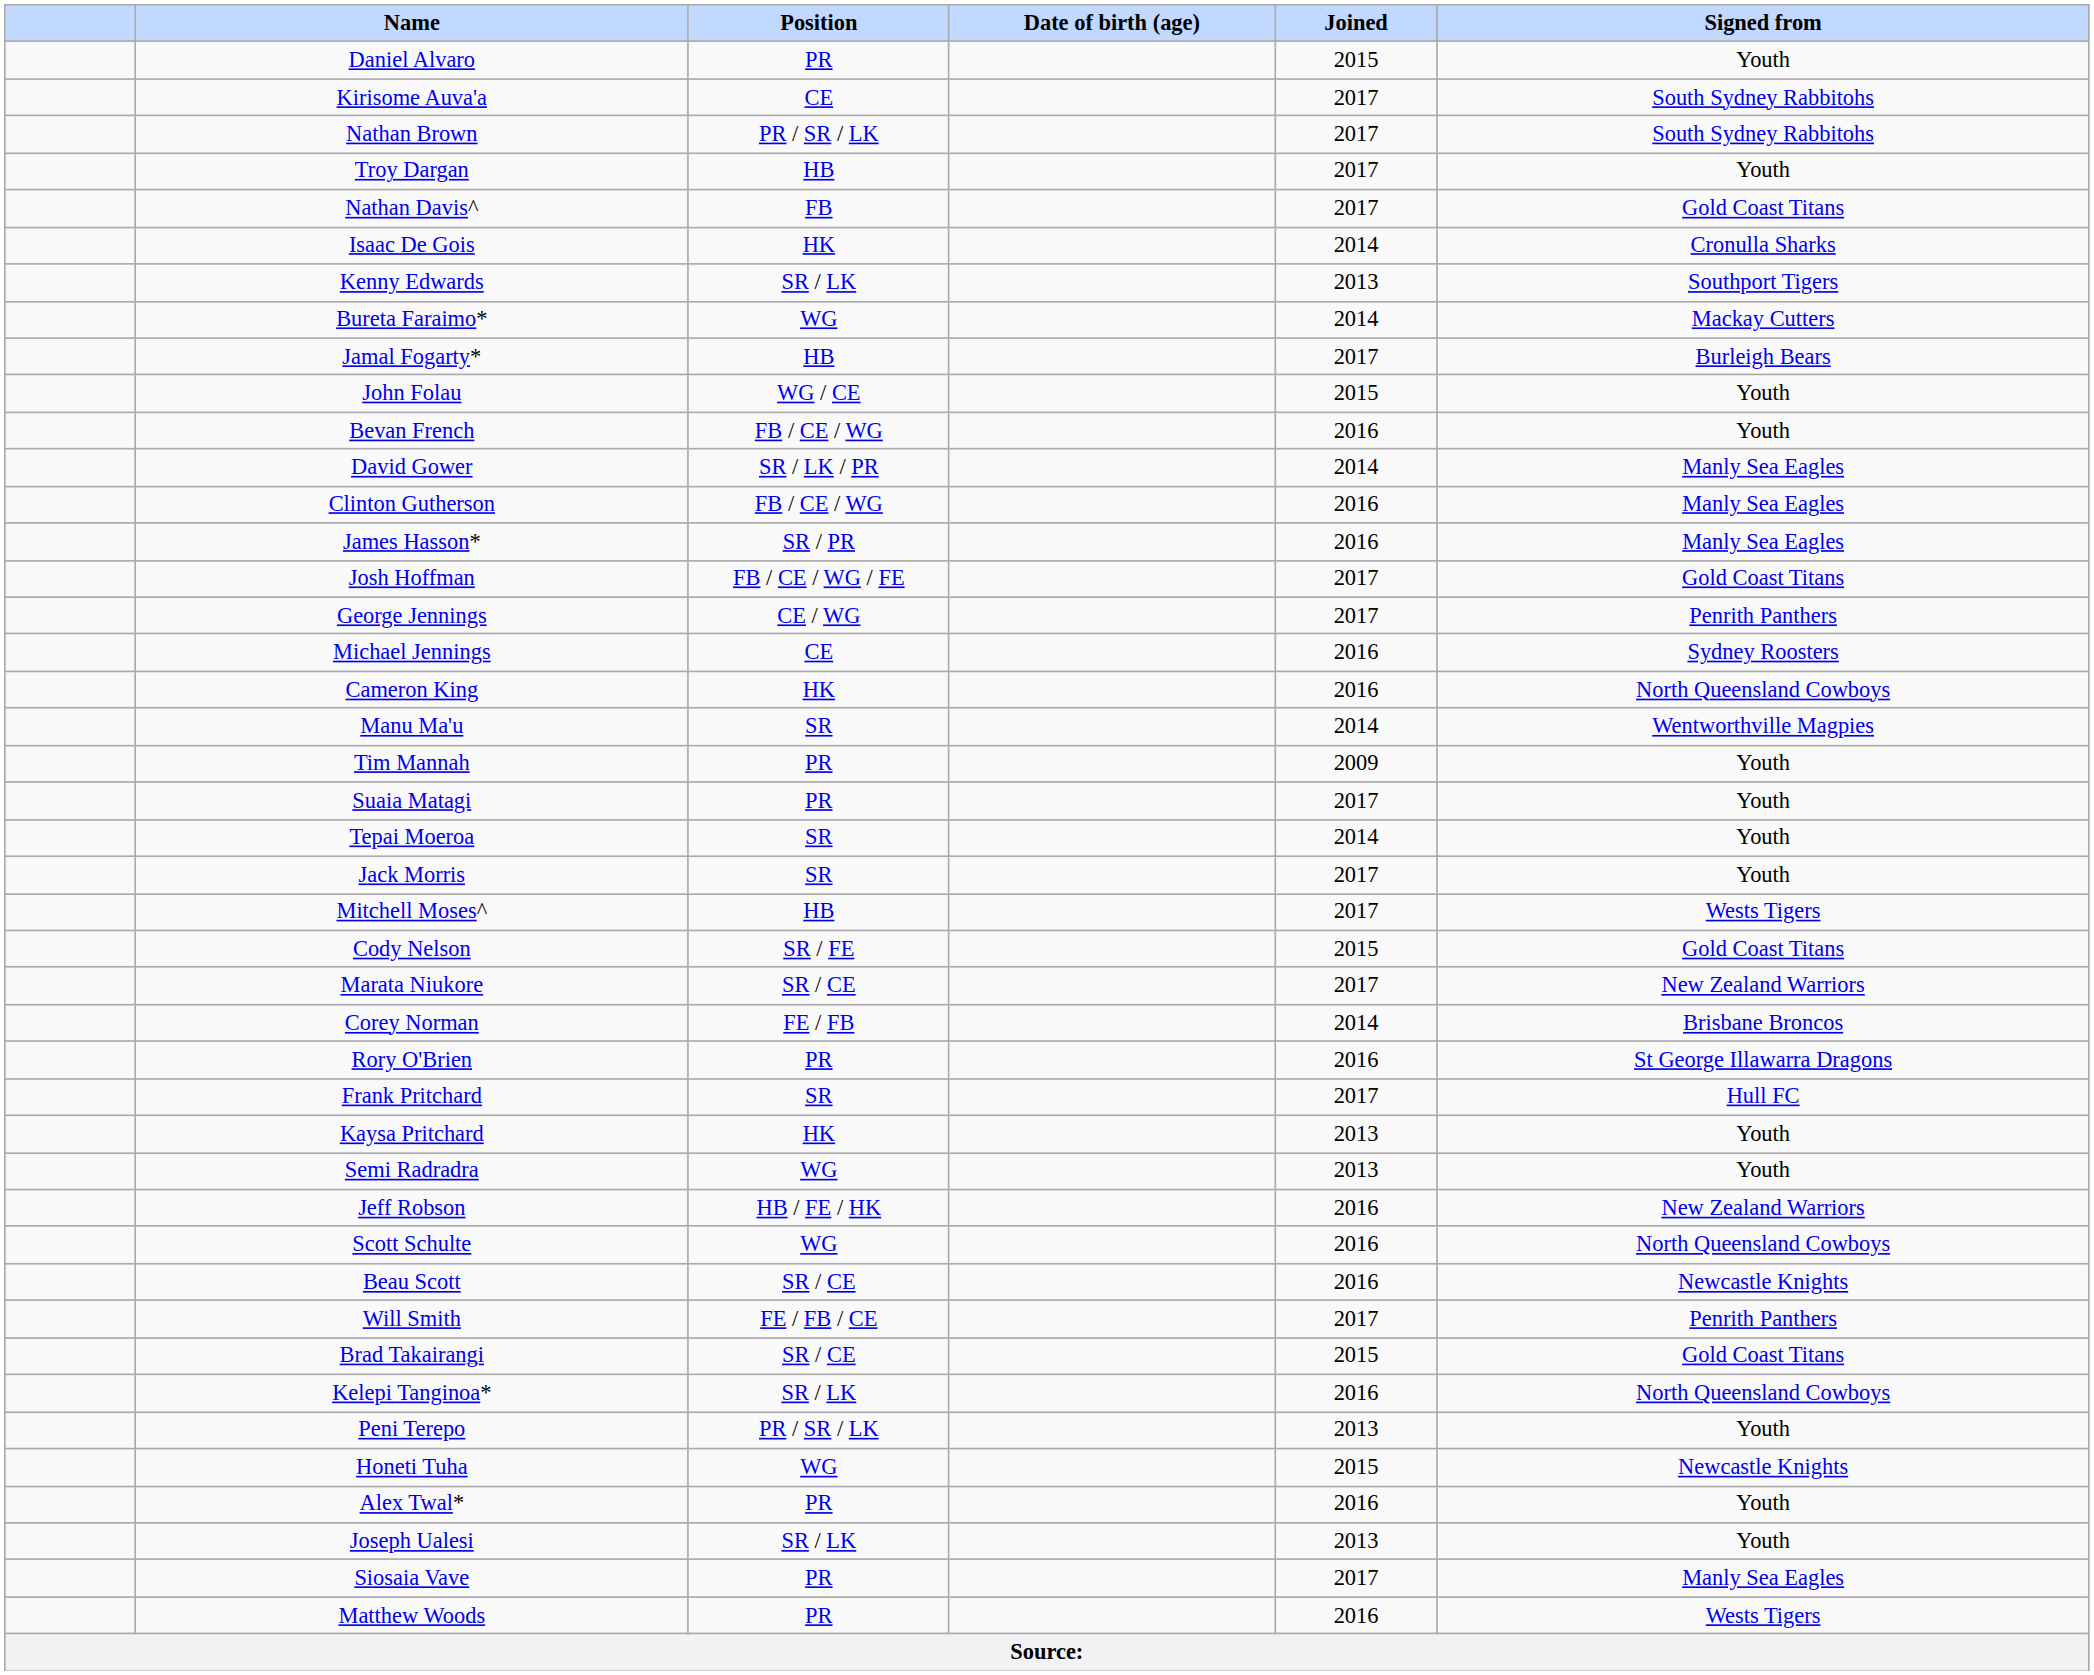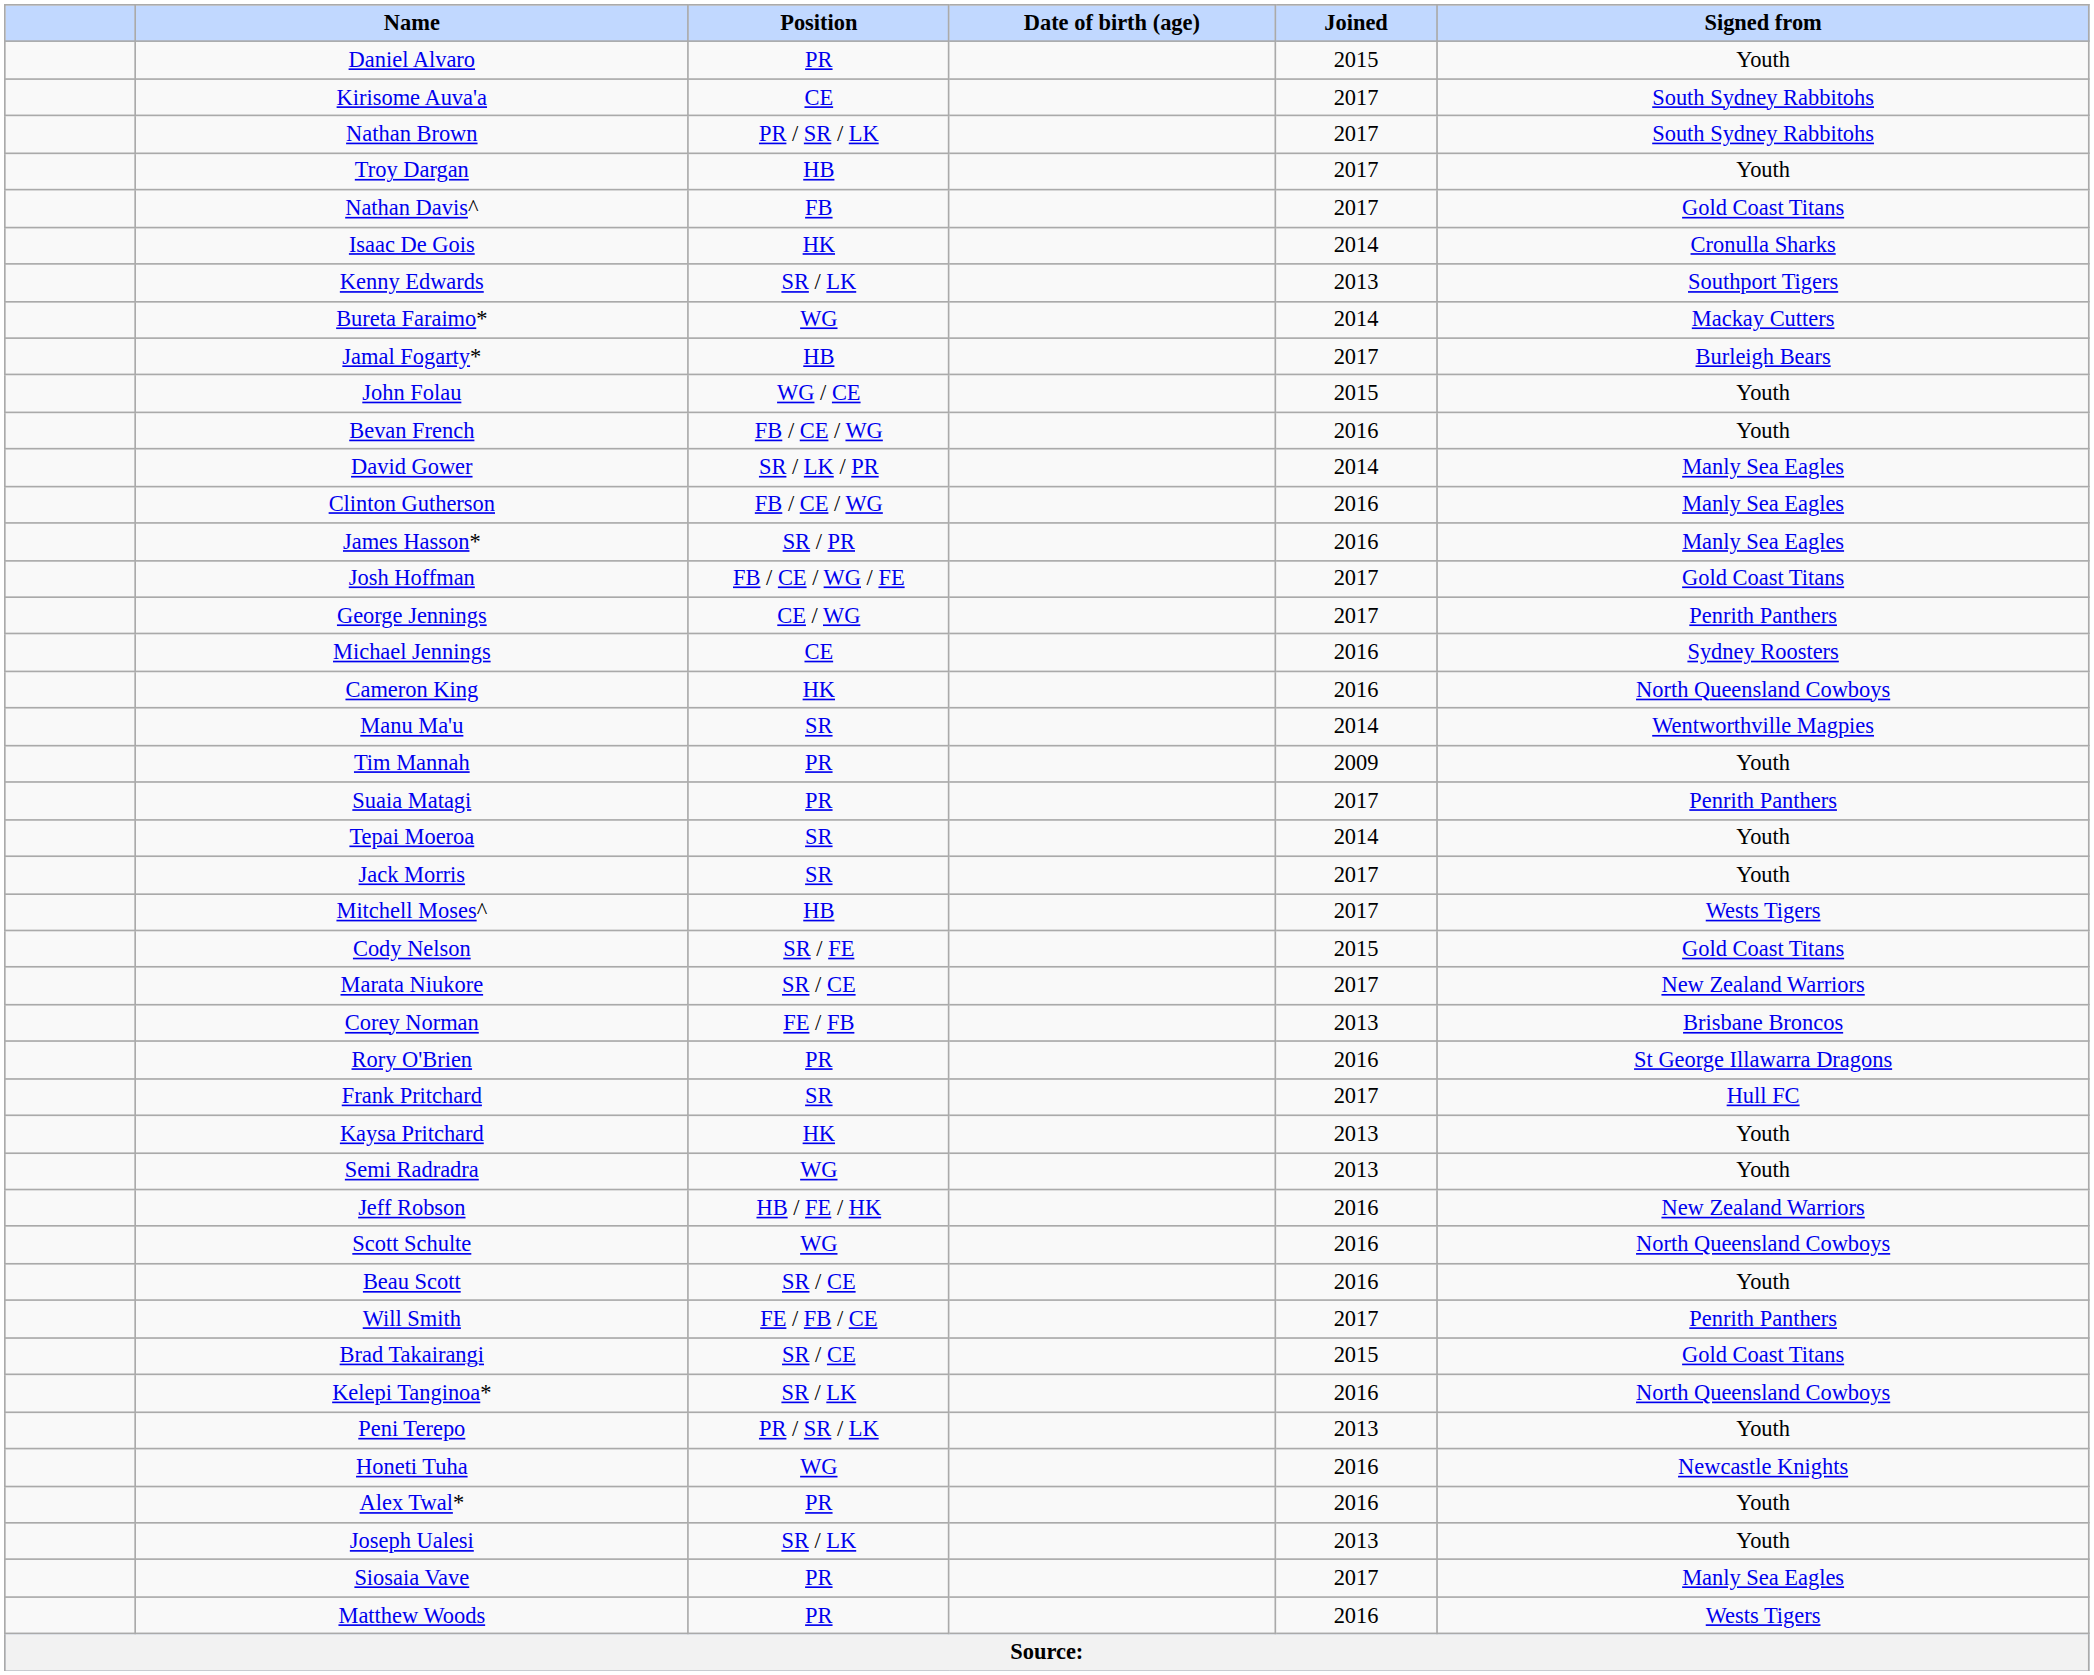 <table class="wikitable" style="text-align:center;font-size:85%;width:100%">
 <tr>
 <th style="background:#c1d8ff; text-align:center; width:4%;"></th>
 <th style="background:#c1d8ff; text-align:center; width:17%;">Name</th>
 <th style="background:#c1d8ff; text-align:center; width:8%;">Position</th>
 <th style="background:#c1d8ff; text-align:center; width:10%;">Date of birth (age)</th>
 <th style="background:#c1d8ff; text-align:center; width:5%;">Joined</th>
 <th style="background:#c1d8ff; text-align:center; width:20%;">Signed from</th>
 </tr>
 <tr>
 <td></td>
 <td><a href='#'>Daniel Alvaro</a></td>
 <td><a href='#'>PR</a></td>
 <td></td>
 <td>2015</td>
 <td>Youth</td>
 </tr>
 <tr>
 <td></td>
 <td><a href='#'>Kirisome Auva'a</a></td>
 <td><a href='#'>CE</a></td>
 <td></td>
 <td>2017</td>
 <td> <a href='#'>South Sydney Rabbitohs</a></td>
 </tr>
 <tr>
 <td></td>
 <td><a href='#'>Nathan Brown</a></td>
 <td><a href='#'>PR</a> / <a href='#'>SR</a> / <a href='#'>LK</a></td>
 <td></td>
 <td>2017</td>
 <td> <a href='#'>South Sydney Rabbitohs</a></td>
 </tr>
 <tr>
 <td></td>
 <td><a href='#'>Troy Dargan</a></td>
 <td><a href='#'>HB</a></td>
 <td></td>
 <td>2017</td>
 <td>Youth</td>
 </tr>
 <tr>
 <td></td>
 <td><a href='#'>Nathan Davis</a>^</td>
 <td><a href='#'>FB</a></td>
 <td></td>
 <td>2017</td>
 <td> <a href='#'>Gold Coast Titans</a></td>
 </tr>
 <tr>
 <td></td>
 <td><a href='#'>Isaac De Gois</a></td>
 <td><a href='#'>HK</a></td>
 <td></td>
 <td>2014</td>
 <td> <a href='#'>Cronulla Sharks</a></td>
 </tr>
 <tr>
 <td></td>
 <td><a href='#'>Kenny Edwards</a></td>
 <td><a href='#'>SR</a> / <a href='#'>LK</a></td>
 <td></td>
 <td>2013</td>
 <td><a href='#'>Southport Tigers</a></td>
 </tr>
 <tr>
 <td></td>
 <td><a href='#'>Bureta Faraimo</a>*</td>
 <td><a href='#'>WG</a></td>
 <td></td>
 <td>2014</td>
 <td> <a href='#'>Mackay Cutters</a></td>
 </tr>
 <tr>
 <td></td>
 <td><a href='#'>Jamal Fogarty</a>*</td>
 <td><a href='#'>HB</a></td>
 <td></td>
 <td>2017</td>
 <td> <a href='#'>Burleigh Bears</a></td>
 </tr>
 <tr>
 <td></td>
 <td><a href='#'>John Folau</a></td>
 <td><a href='#'>WG</a> / <a href='#'>CE</a></td>
 <td></td>
 <td>2015</td>
 <td>Youth</td>
 </tr>
 <tr>
 <td></td>
 <td><a href='#'>Bevan French</a></td>
 <td><a href='#'>FB</a> / <a href='#'>CE</a> / <a href='#'>WG</a></td>
 <td></td>
 <td>2016</td>
 <td>Youth</td>
 </tr>
 <tr>
 <td></td>
 <td><a href='#'>David Gower</a></td>
 <td><a href='#'>SR</a> / <a href='#'>LK</a> / <a href='#'>PR</a></td>
 <td></td>
 <td>2014</td>
 <td> <a href='#'>Manly Sea Eagles</a></td>
 </tr>
 <tr>
 <td></td>
 <td><a href='#'>Clinton Gutherson</a></td>
 <td><a href='#'>FB</a> / <a href='#'>CE</a> / <a href='#'>WG</a></td>
 <td></td>
 <td>2016</td>
 <td> <a href='#'>Manly Sea Eagles</a></td>
 </tr>
 <tr>
 <td></td>
 <td><a href='#'>James Hasson</a>*</td>
 <td><a href='#'>SR</a> / <a href='#'>PR</a></td>
 <td></td>
 <td>2016</td>
 <td> <a href='#'>Manly Sea Eagles</a></td>
 </tr>
 <tr>
 <td></td>
 <td><a href='#'>Josh Hoffman</a></td>
 <td><a href='#'>FB</a> / <a href='#'>CE</a> / <a href='#'>WG</a> / <a href='#'>FE</a></td>
 <td></td>
 <td>2017</td>
 <td> <a href='#'>Gold Coast Titans</a></td>
 </tr>
 <tr>
 <td></td>
 <td><a href='#'>George Jennings</a></td>
 <td><a href='#'>CE</a> / <a href='#'>WG</a></td>
 <td></td>
 <td>2017</td>
 <td> <a href='#'>Penrith Panthers</a></td>
 </tr>
 <tr>
 <td></td>
 <td><a href='#'>Michael Jennings</a></td>
 <td><a href='#'>CE</a></td>
 <td></td>
 <td>2016</td>
 <td> <a href='#'>Sydney Roosters</a></td>
 </tr>
 <tr>
 <td></td>
 <td><a href='#'>Cameron King</a></td>
 <td><a href='#'>HK</a></td>
 <td></td>
 <td>2016</td>
 <td> <a href='#'>North Queensland Cowboys</a></td>
 </tr>
 <tr>
 <td></td>
 <td><a href='#'>Manu Ma'u</a></td>
 <td><a href='#'>SR</a></td>
 <td></td>
 <td>2014</td>
 <td><a href='#'>Wentworthville Magpies</a></td>
 </tr>
 <tr>
 <td></td>
 <td><a href='#'>Tim Mannah</a></td>
 <td><a href='#'>PR</a></td>
 <td></td>
 <td>2009</td>
 <td>Youth</td>
 </tr>
 <tr>
 <td></td>
 <td><a href='#'>Suaia Matagi</a></td>
 <td><a href='#'>PR</a></td>
 <td></td>
 <td>2017</td>
-<td>Youth</td>
+<td> <a href='#'>Penrith Panthers</a></td>
 </tr>
 <tr>
 <td></td>
 <td><a href='#'>Tepai Moeroa</a></td>
 <td><a href='#'>SR</a></td>
 <td></td>
 <td>2014</td>
 <td>Youth</td>
 </tr>
 <tr>
 <td></td>
 <td><a href='#'>Jack Morris</a></td>
 <td><a href='#'>SR</a></td>
 <td></td>
 <td>2017</td>
 <td>Youth</td>
 </tr>
 <tr>
 <td></td>
 <td><a href='#'>Mitchell Moses</a>^</td>
 <td><a href='#'>HB</a></td>
 <td></td>
 <td>2017</td>
 <td> <a href='#'>Wests Tigers</a></td>
 </tr>
 <tr>
 <td></td>
 <td><a href='#'>Cody Nelson</a></td>
 <td><a href='#'>SR</a> / <a href='#'>FE</a></td>
 <td></td>
 <td>2015</td>
 <td> <a href='#'>Gold Coast Titans</a></td>
 </tr>
 <tr>
 <td></td>
 <td><a href='#'>Marata Niukore</a></td>
 <td><a href='#'>SR</a> / <a href='#'>CE</a></td>
 <td></td>
 <td>2017</td>
 <td> <a href='#'>New Zealand Warriors</a></td>
 </tr>
 <tr>
 <td></td>
 <td><a href='#'>Corey Norman</a></td>
 <td><a href='#'>FE</a> / <a href='#'>FB</a></td>
 <td></td>
-<td>2014</td>
+<td>2013</td>
 <td> <a href='#'>Brisbane Broncos</a></td>
 </tr>
 <tr>
 <td></td>
 <td><a href='#'>Rory O'Brien</a></td>
 <td><a href='#'>PR</a></td>
 <td></td>
 <td>2016</td>
 <td> <a href='#'>St George Illawarra Dragons</a></td>
 </tr>
 <tr>
 <td></td>
 <td><a href='#'>Frank Pritchard</a></td>
 <td><a href='#'>SR</a></td>
 <td></td>
 <td>2017</td>
 <td> <a href='#'>Hull FC</a></td>
 </tr>
 <tr>
 <td></td>
 <td><a href='#'>Kaysa Pritchard</a></td>
 <td><a href='#'>HK</a></td>
 <td></td>
 <td>2013</td>
 <td>Youth</td>
 </tr>
 <tr>
 <td></td>
 <td><a href='#'>Semi Radradra</a></td>
 <td><a href='#'>WG</a></td>
 <td></td>
 <td>2013</td>
 <td>Youth</td>
 </tr>
 <tr>
 <td></td>
 <td><a href='#'>Jeff Robson</a></td>
 <td><a href='#'>HB</a> / <a href='#'>FE</a> / <a href='#'>HK</a></td>
 <td></td>
 <td>2016</td>
 <td> <a href='#'>New Zealand Warriors</a></td>
 </tr>
 <tr>
 <td></td>
 <td><a href='#'>Scott Schulte</a></td>
 <td><a href='#'>WG</a></td>
 <td></td>
 <td>2016</td>
 <td> <a href='#'>North Queensland Cowboys</a></td>
 </tr>
 <tr>
 <td></td>
 <td><a href='#'>Beau Scott</a></td>
 <td><a href='#'>SR</a> / <a href='#'>CE</a></td>
 <td></td>
 <td>2016</td>
-<td> <a href='#'>Newcastle Knights</a></td>
+<td>Youth</td>
 </tr>
 <tr>
 <td></td>
 <td><a href='#'>Will Smith</a></td>
 <td><a href='#'>FE</a> / <a href='#'>FB</a> / <a href='#'>CE</a></td>
 <td></td>
 <td>2017</td>
 <td> <a href='#'>Penrith Panthers</a></td>
 </tr>
 <tr>
 <td></td>
 <td><a href='#'>Brad Takairangi</a></td>
 <td><a href='#'>SR</a> / <a href='#'>CE</a></td>
 <td></td>
 <td>2015</td>
 <td> <a href='#'>Gold Coast Titans</a></td>
 </tr>
 <tr>
 <td></td>
 <td><a href='#'>Kelepi Tanginoa</a>*</td>
 <td><a href='#'>SR</a> / <a href='#'>LK</a></td>
 <td></td>
 <td>2016</td>
 <td> <a href='#'>North Queensland Cowboys</a></td>
 </tr>
 <tr>
 <td></td>
 <td><a href='#'>Peni Terepo</a></td>
 <td><a href='#'>PR</a> / <a href='#'>SR</a> / <a href='#'>LK</a></td>
 <td></td>
 <td>2013</td>
 <td>Youth</td>
 </tr>
 <tr>
 <td></td>
 <td><a href='#'>Honeti Tuha</a></td>
 <td><a href='#'>WG</a></td>
 <td></td>
-<td>2015</td>
+<td>2016</td>
 <td> <a href='#'>Newcastle Knights</a></td>
 </tr>
 <tr>
 <td></td>
 <td><a href='#'>Alex Twal</a>*</td>
 <td><a href='#'>PR</a></td>
 <td></td>
 <td>2016</td>
 <td>Youth</td>
 </tr>
 <tr>
 <td></td>
 <td><a href='#'>Joseph Ualesi</a></td>
 <td><a href='#'>SR</a> / <a href='#'>LK</a></td>
 <td></td>
 <td>2013</td>
 <td>Youth</td>
 </tr>
 <tr>
 <td></td>
 <td><a href='#'>Siosaia Vave</a></td>
 <td><a href='#'>PR</a></td>
 <td></td>
 <td>2017</td>
 <td> <a href='#'>Manly Sea Eagles</a></td>
 </tr>
 <tr>
 <td></td>
 <td><a href='#'>Matthew Woods</a></td>
 <td><a href='#'>PR</a></td>
 <td></td>
 <td>2016</td>
 <td> <a href='#'>Wests Tigers</a></td>
 </tr>
 <tr style="background:#c1d8ff;">
 <th colspan=12>Source:</th>
 </tr>
 </table>
